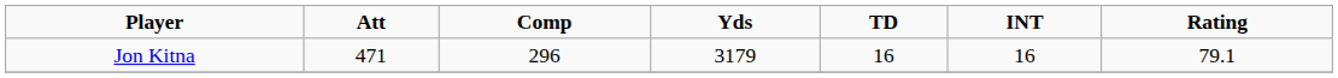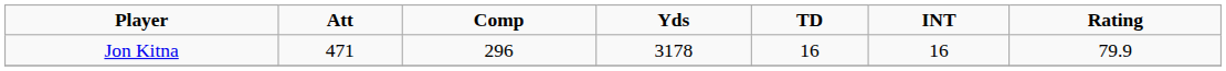 <table class="wikitable" width="80%">
 <tr align="center">
 <td><strong>Player</strong></td>
 <td><strong>Att</strong></td>
 <td><strong>Comp</strong></td>
 <td><strong>Yds</strong></td>
 <td><strong>TD</strong></td>
 <td><strong>INT</strong></td>
 <td><strong>Rating</strong></td>
 </tr>
 <tr align="center" bgcolor="">
 <td><a href='#'>Jon Kitna</a></td>
 <td>471</td>
 <td>296</td>
-<td>3179</td>
+<td>3178</td>
 <td>16</td>
 <td>16</td>
-<td>79.1</td>
+<td>79.9</td>
 </tr>
 <tr align="center" bgcolor="">
 </tr>
 </table>
